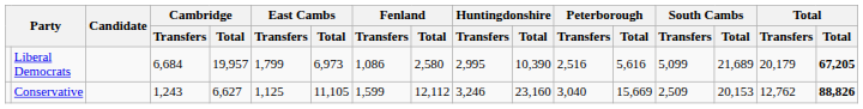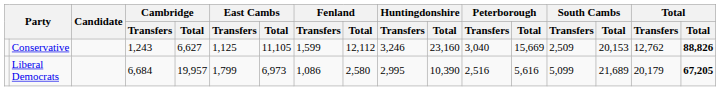 <table class="wikitable sortable">
 <tr>
 <th colspan="2" rowspan="2">Party</th>
 <th rowspan="2">Candidate</th>
 <th colspan="2">Cambridge</th>
 <th colspan="2">East Cambs</th>
 <th colspan="2">Fenland</th>
 <th colspan="2">Huntingdonshire</th>
 <th colspan="2">Peterborough</th>
 <th colspan="2">South Cambs</th>
 <th colspan="2">Total</th>
 </tr>
 <tr>
 <th>Transfers</th>
 <th>Total</th>
 <th>Transfers</th>
 <th>Total</th>
 <th>Transfers</th>
 <th>Total</th>
 <th>Transfers</th>
 <th>Total</th>
 <th>Transfers</th>
 <th>Total</th>
 <th>Transfers</th>
 <th>Total</th>
 <th>Transfers</th>
 <th>Total</th>
 </tr>
 <tr>
 <td style="background-color: "></td>
+<td><a href='#'>Conservative</a></td>
+<td></td>
+<td>1,243</td>
+<td>6,627</td>
+<td>1,125</td>
+<td>11,105</td>
+<td>1,599</td>
+<td>12,112</td>
+<td>3,246</td>
+<td>23,160</td>
+<td>3,040</td>
+<td>15,669</td>
+<td>2,509</td>
+<td>20,153</td>
+<td>12,762</td>
+<td><strong>88,826</strong></td>
+</tr>
+<tr>
+<td style="background-color: "></td>
 <td><a href='#'>Liberal Democrats</a></td>
 <td></td>
 <td>6,684</td>
 <td>19,957</td>
 <td>1,799</td>
 <td>6,973</td>
 <td>1,086</td>
 <td>2,580</td>
 <td>2,995</td>
 <td>10,390</td>
 <td>2,516</td>
 <td>5,616</td>
 <td>5,099</td>
 <td>21,689</td>
 <td>20,179</td>
 <td><strong>67,205</strong></td>
 </tr>
-<tr>
-<td style="background-color: "></td>
-<td><a href='#'>Conservative</a></td>
-<td></td>
-<td>1,243</td>
-<td>6,627</td>
-<td>1,125</td>
-<td>11,105</td>
-<td>1,599</td>
-<td>12,112</td>
-<td>3,246</td>
-<td>23,160</td>
-<td>3,040</td>
-<td>15,669</td>
-<td>2,509</td>
-<td>20,153</td>
-<td>12,762</td>
-<td><strong>88,826</strong></td>
-</tr>
 </table>
